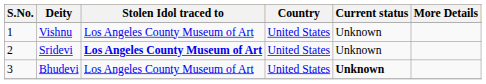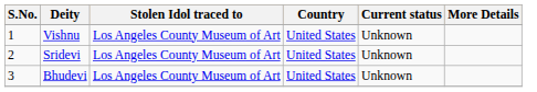 <table class="wikitable" sortable>
 <tr style="background:#FFC569">
 <th scope="col">S.No.</th>
 <th scope="col">Deity</th>
 <th scope="col">Stolen Idol traced to</th>
 <th scope="col">Country</th>
 <th scope="col">Current status</th>
 <th scope="col">More Details</th>
 </tr>
 <tr align="center">
 </tr>
 <tr style="background:#ffe;">
 </tr>
 <tr>
 <td>1</td>
 <td><a href='#'>Vishnu</a></td>
 <td><a href='#'>Los Angeles County Museum of Art</a></td>
 <td><a href='#'>United States</a></td>
 <td>Unknown</td>
 <td></td>
 </tr>
 <tr>
 <td>2</td>
 <td><a href='#'>Sridevi</a></td>
-<td><strong><a href='#'>Los Angeles County Museum of Art</a></strong></td>
+<td><a href='#'>Los Angeles County Museum of Art</a></td>
 <td><a href='#'>United States</a></td>
 <td>Unknown</td>
 <td></td>
 </tr>
 <tr>
 <td>3</td>
 <td><a href='#'>Bhudevi</a></td>
 <td><a href='#'>Los Angeles County Museum of Art</a></td>
 <td><a href='#'>United States</a></td>
-<td><strong>Unknown</strong></td>
+<td>Unknown</td>
 <td></td>
 </tr>
 <tr>
 </tr>
 </table>
